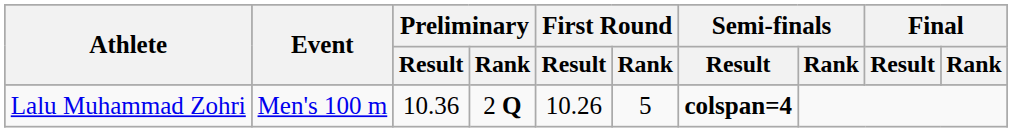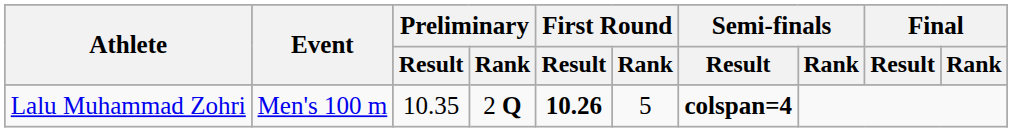 <table class="wikitable" style="font-size:90%">
 <tr>
 <th rowspan="2">Athlete</th>
 <th rowspan="2">Event</th>
 <th colspan="2">Preliminary</th>
 <th colspan="2">First Round</th>
 <th colspan="2">Semi-finals</th>
 <th colspan="2">Final</th>
 </tr>
 <tr style="font-size:95%">
 <th>Result</th>
 <th>Rank</th>
 <th>Result</th>
 <th>Rank</th>
 <th>Result</th>
 <th>Rank</th>
 <th>Result</th>
 <th>Rank</th>
 </tr>
 <tr align=center>
 <td align=left><a href='#'>Lalu Muhammad Zohri</a></td>
 <td align=left><a href='#'>Men's 100 m</a></td>
-<td>10.36</td>
+<td>10.35</td>
 <td>2 <strong>Q</strong></td>
-<td>10.26</td>
+<td><strong>10.26</strong></td>
 <td>5</td>
 <td><strong>colspan=4 </strong></td>
 </tr>
 </table>
